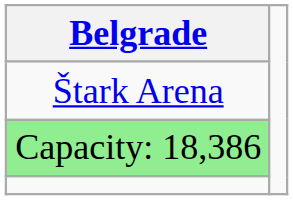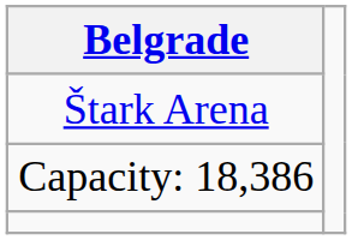 <table class="wikitable" style="text-align:center;margin:1em auto;">
 <tr>
 <th><a href='#'>Belgrade</a></th>
 <td rowspan=4></td>
 </tr>
 <tr>
 <td><a href='#'>Štark Arena</a></td>
 </tr>
 <tr>
-<td style="background: lightgreen;">Capacity: 18,386</td>
+<td>Capacity: 18,386</td>
 </tr>
 <tr>
 <td></td>
 </tr>
 </table>
